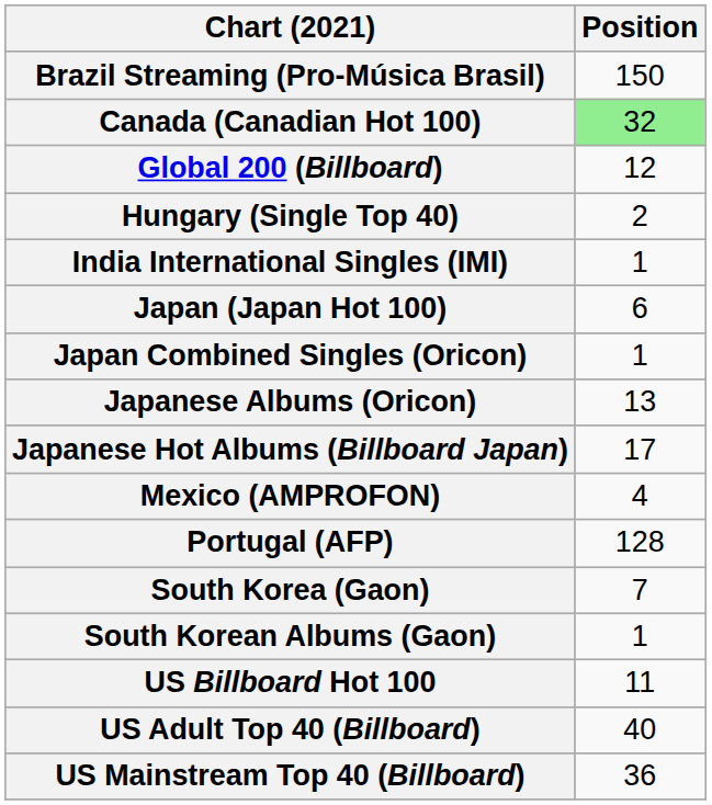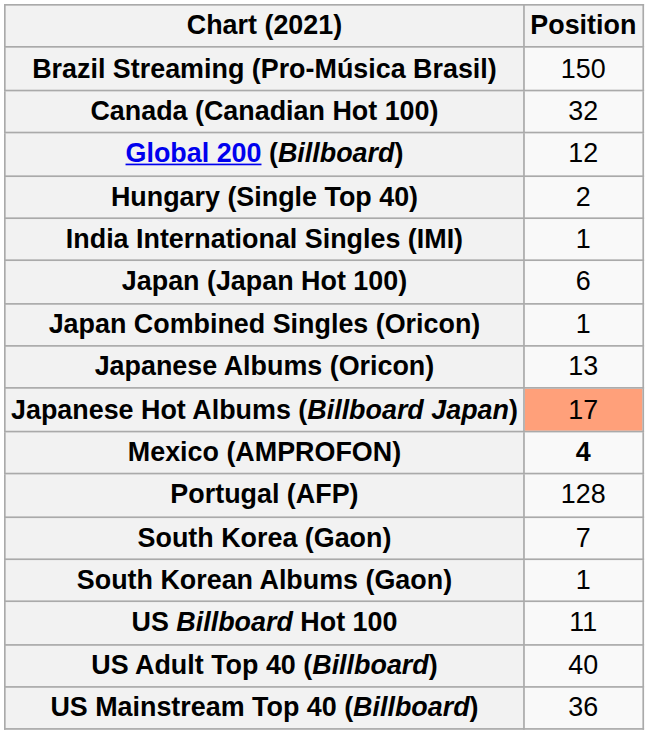 <table class="wikitable sortable plainrowheaders" style="text-align:center">
 <tr>
 <th>Chart (2021)</th>
 <th>Position</th>
 </tr>
 <tr>
 <th scope="row">Brazil Streaming (Pro-Música Brasil)</th>
 <td>150</td>
 </tr>
 <tr>
 <th scope="row">Canada (Canadian Hot 100)</th>
-<td style="background: lightgreen;">32</td>
+<td>32</td>
 </tr>
 <tr>
 <th scope="row"><a href='#'>Global 200</a> (<em>Billboard</em>)</th>
 <td>12</td>
 </tr>
 <tr>
 <th scope="row">Hungary (Single Top 40)</th>
 <td>2</td>
 </tr>
 <tr>
 <th scope="row">India International Singles (IMI)</th>
 <td>1</td>
 </tr>
 <tr>
 <th scope="row">Japan (Japan Hot 100)</th>
 <td>6</td>
 </tr>
 <tr>
 <th scope="row">Japan Combined Singles (Oricon)</th>
 <td>1</td>
 </tr>
 <tr>
 <th scope="row">Japanese Albums (Oricon)</th>
 <td>13</td>
 </tr>
 <tr>
 <th scope="row">Japanese Hot Albums (<em>Billboard Japan</em>)</th>
-<td>17</td>
+<td style="background: lightsalmon;">17</td>
 </tr>
 <tr>
 <th scope="row">Mexico (AMPROFON)</th>
-<td>4</td>
+<td><strong>4</strong></td>
 </tr>
 <tr>
 <th scope="row">Portugal (AFP)</th>
 <td>128</td>
 </tr>
 <tr>
 <th scope="row">South Korea (Gaon)</th>
 <td>7</td>
 </tr>
 <tr>
 <th scope="row">South Korean Albums (Gaon)</th>
 <td>1</td>
 </tr>
 <tr>
 <th scope="row">US <em>Billboard</em> Hot 100</th>
 <td>11</td>
 </tr>
 <tr>
 <th scope="row">US Adult Top 40 (<em>Billboard</em>)</th>
 <td>40</td>
 </tr>
 <tr>
 <th scope="row">US Mainstream Top 40 (<em>Billboard</em>)</th>
 <td>36</td>
 </tr>
 </table>
